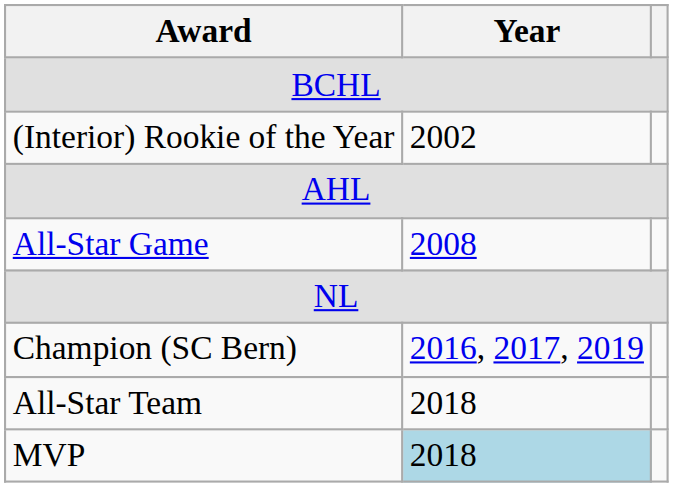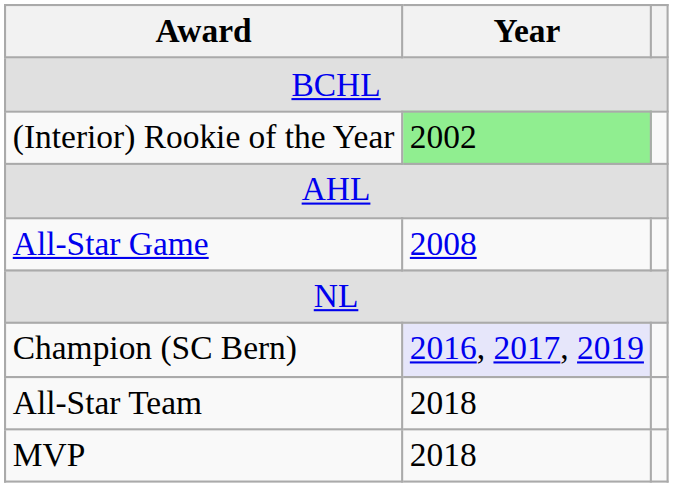 <table class="wikitable">
 <tr>
 <th>Award</th>
 <th>Year</th>
 <th></th>
 </tr>
 <tr ALIGN="center" bgcolor="#e0e0e0">
 <td colspan="3"><a href='#'>BCHL</a></td>
 </tr>
 <tr>
 <td>(Interior) Rookie of the Year</td>
-<td>2002</td>
+<td style="background: lightgreen;">2002</td>
 <td></td>
 </tr>
 <tr ALIGN="center" bgcolor="#e0e0e0">
 <td colspan="3"><a href='#'>AHL</a></td>
 </tr>
 <tr>
 <td><a href='#'>All-Star Game</a></td>
 <td><a href='#'>2008</a></td>
 <td></td>
 </tr>
 <tr ALIGN="center" bgcolor="#e0e0e0">
 <td colspan="3"><a href='#'>NL</a></td>
 </tr>
 <tr>
 <td>Champion (SC Bern)</td>
-<td><a href='#'>2016</a>, <a href='#'>2017</a>, <a href='#'>2019</a></td>
+<td style="background: lavender;"><a href='#'>2016</a>, <a href='#'>2017</a>, <a href='#'>2019</a></td>
 <td></td>
 </tr>
 <tr>
 <td>All-Star Team</td>
 <td>2018</td>
 <td></td>
 </tr>
 <tr>
 <td>MVP</td>
-<td style="background: lightblue;">2018</td>
+<td>2018</td>
 <td></td>
 </tr>
 </table>
